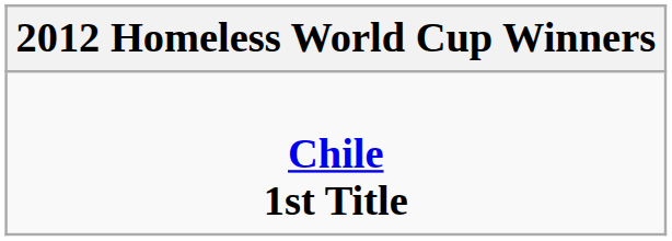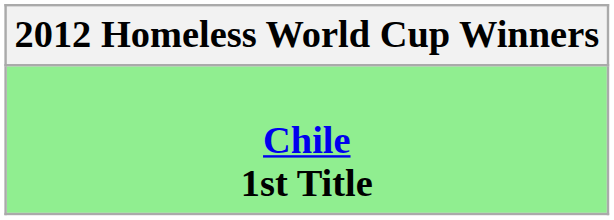 <table class="wikitable" style="text-align: center; margin: 0 auto;">
 <tr>
 <th>2012 Homeless World Cup Winners</th>
 </tr>
 <tr>
-<td><br><strong><a href='#'>Chile</a></strong><br><strong>1st Title</strong> </td>
+<td style="background: lightgreen;"><br><strong><a href='#'>Chile</a></strong><br><strong>1st Title</strong> </td>
 </tr>
 </table>
